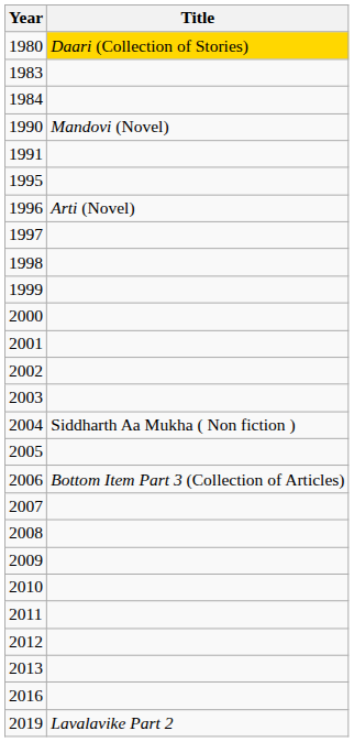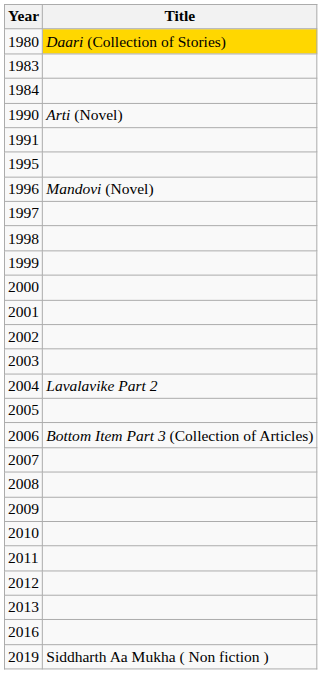 <table class="wikitable">
 <tr>
 <th>Year</th>
 <th>Title</th>
 </tr>
 <tr>
 <td>1980</td>
 <td style="background: gold;"><em>Daari</em> (Collection of Stories)</td>
 </tr>
 <tr>
 <td>1983</td>
 <td></td>
 </tr>
 <tr>
 <td>1984</td>
 <td></td>
 </tr>
 <tr>
 <td>1990</td>
-<td><em>Mandovi</em> (Novel)</td>
+<td><em>Arti</em> (Novel)</td>
 </tr>
 <tr>
 <td>1991</td>
 <td></td>
 </tr>
 <tr>
 <td>1995</td>
 <td></td>
 </tr>
 <tr>
 <td>1996</td>
-<td><em>Arti</em> (Novel)</td>
+<td><em>Mandovi</em> (Novel)</td>
 </tr>
 <tr>
 <td>1997</td>
 <td></td>
 </tr>
 <tr>
 <td>1998</td>
 <td></td>
 </tr>
 <tr>
 <td>1999</td>
 <td></td>
 </tr>
 <tr>
 <td>2000</td>
 <td></td>
 </tr>
 <tr>
 <td>2001</td>
 <td></td>
 </tr>
 <tr>
 <td>2002</td>
 <td></td>
 </tr>
 <tr>
 <td>2003</td>
 <td></td>
 </tr>
 <tr>
 <td>2004</td>
-<td>Siddharth Aa Mukha  ( Non fiction )</td>
+<td><em>Lavalavike Part 2</em></td>
 </tr>
 <tr>
 <td>2005</td>
 <td></td>
 </tr>
 <tr>
 <td>2006</td>
 <td><em>Bottom Item Part 3</em> (Collection of Articles)</td>
 </tr>
 <tr>
 <td>2007</td>
 <td></td>
 </tr>
 <tr>
 <td>2008</td>
 <td></td>
 </tr>
 <tr>
 <td>2009</td>
 <td></td>
 </tr>
 <tr>
 <td>2010</td>
 <td></td>
 </tr>
 <tr>
 <td>2011</td>
 <td></td>
 </tr>
 <tr>
 <td>2012</td>
 <td></td>
 </tr>
 <tr>
 <td>2013</td>
 <td></td>
 </tr>
 <tr>
 <td>2016</td>
 <td></td>
 </tr>
 <tr>
 <td>2019</td>
-<td><em>Lavalavike Part 2</em></td>
+<td>Siddharth Aa Mukha  ( Non fiction )</td>
 </tr>
 </table>
